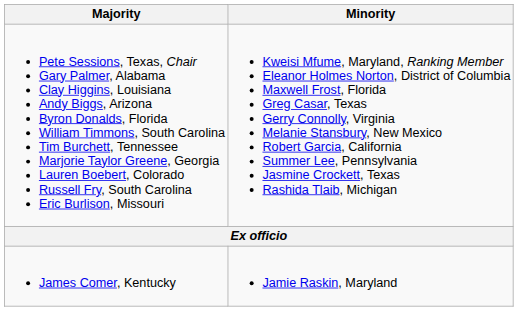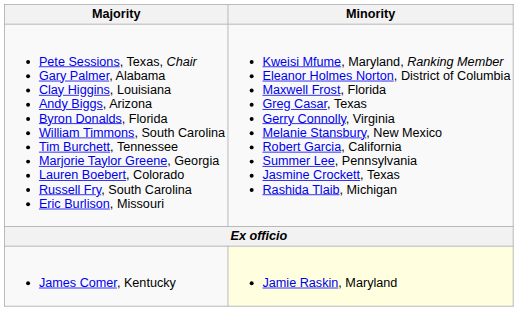 <table class=wikitable>
 <tr>
 <th>Majority</th>
 <th>Minority</th>
 </tr>
 <tr valign=top>
 <td><br><ul><li><a href='#'>Pete Sessions</a>, Texas, <em>Chair</em></li><li><a href='#'>Gary Palmer</a>, Alabama</li><li><a href='#'>Clay Higgins</a>, Louisiana</li><li><a href='#'>Andy Biggs</a>, Arizona</li><li><a href='#'>Byron Donalds</a>, Florida</li><li><a href='#'>William Timmons</a>, South Carolina</li><li><a href='#'>Tim Burchett</a>, Tennessee</li><li><a href='#'>Marjorie Taylor Greene</a>, Georgia</li><li><a href='#'>Lauren Boebert</a>, Colorado</li><li><a href='#'>Russell Fry</a>, South Carolina</li><li><a href='#'>Eric Burlison</a>, Missouri</li></ul></td>
 <td><br><ul><li><a href='#'>Kweisi Mfume</a>, Maryland, <em>Ranking Member</em></li><li><a href='#'>Eleanor Holmes Norton</a>, District of Columbia</li><li><a href='#'>Maxwell Frost</a>, Florida</li><li><a href='#'>Greg Casar</a>, Texas</li><li><a href='#'>Gerry Connolly</a>, Virginia</li><li><a href='#'>Melanie Stansbury</a>, New Mexico</li><li><a href='#'>Robert Garcia</a>, California</li><li><a href='#'>Summer Lee</a>, Pennsylvania</li><li><a href='#'>Jasmine Crockett</a>, Texas</li><li><a href='#'>Rashida Tlaib</a>, Michigan</li></ul></td>
 </tr>
 <tr>
 <th colspan=2><em>Ex officio</em></th>
 </tr>
 <tr>
 <td><br><ul><li><a href='#'>James Comer</a>, Kentucky</li></ul></td>
-<td><br><ul><li><a href='#'>Jamie Raskin</a>, Maryland</li></ul></td>
+<td style="background: lightyellow;"><br><ul><li><a href='#'>Jamie Raskin</a>, Maryland</li></ul></td>
 </tr>
 </table>
